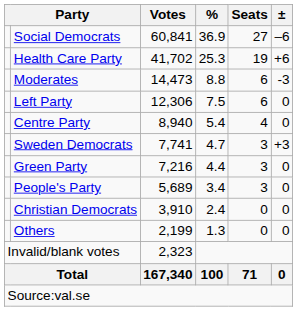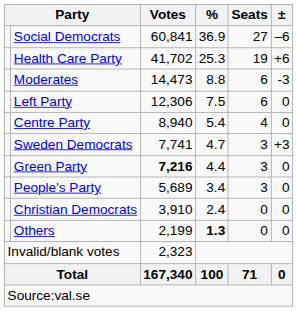 <table class=wikitable style=text-align:right>
 <tr>
 <th colspan=2>Party</th>
 <th>Votes</th>
 <th>%</th>
 <th>Seats</th>
 <th>±</th>
 </tr>
 <tr>
 <td bgcolor=></td>
 <td align=left><a href='#'>Social Democrats</a></td>
 <td>60,841</td>
 <td>36.9</td>
 <td>27</td>
 <td>–6</td>
 </tr>
 <tr>
 <td></td>
 <td align=left><a href='#'>Health Care Party</a></td>
 <td>41,702</td>
 <td>25.3</td>
 <td>19</td>
 <td>+6</td>
 </tr>
 <tr>
 <td bgcolor=></td>
 <td align=left><a href='#'>Moderates</a></td>
 <td>14,473</td>
 <td>8.8</td>
 <td>6</td>
 <td>-3</td>
 </tr>
 <tr>
 <td bgcolor=></td>
 <td align=left><a href='#'>Left Party</a></td>
 <td>12,306</td>
 <td>7.5</td>
 <td>6</td>
 <td>0</td>
 </tr>
 <tr>
 <td bgcolor=></td>
 <td align=left><a href='#'>Centre Party</a></td>
 <td>8,940</td>
 <td>5.4</td>
 <td>4</td>
 <td>0</td>
 </tr>
 <tr>
 <td bgcolor=></td>
 <td align=left><a href='#'>Sweden Democrats</a></td>
 <td>7,741</td>
 <td>4.7</td>
 <td>3</td>
 <td>+3</td>
 </tr>
 <tr>
 <td bgcolor=></td>
 <td align=left><a href='#'>Green Party</a></td>
-<td>7,216</td>
+<td><strong>7,216</strong></td>
 <td>4.4</td>
 <td>3</td>
 <td>0</td>
 </tr>
 <tr>
 <td bgcolor=></td>
 <td align=left><a href='#'>People's Party</a></td>
 <td>5,689</td>
 <td>3.4</td>
 <td>3</td>
 <td>0</td>
 </tr>
 <tr>
 <td bgcolor=></td>
 <td align=left><a href='#'>Christian Democrats</a></td>
 <td>3,910</td>
 <td>2.4</td>
 <td>0</td>
 <td>0</td>
 </tr>
 <tr>
 <td></td>
 <td align=left><a href='#'>Others</a></td>
 <td>2,199</td>
-<td>1.3</td>
+<td><strong>1.3</strong></td>
 <td>0</td>
 <td>0</td>
 </tr>
 <tr>
 <td align=left colspan=2>Invalid/blank votes</td>
 <td>2,323</td>
 <td colspan=3></td>
 </tr>
 <tr>
 <th align=left colspan=2>Total</th>
 <th>167,340</th>
 <th>100</th>
 <th>71</th>
 <th>0</th>
 </tr>
 <tr>
 <td align=left colspan=6>Source:val.se </td>
 </tr>
 </table>
